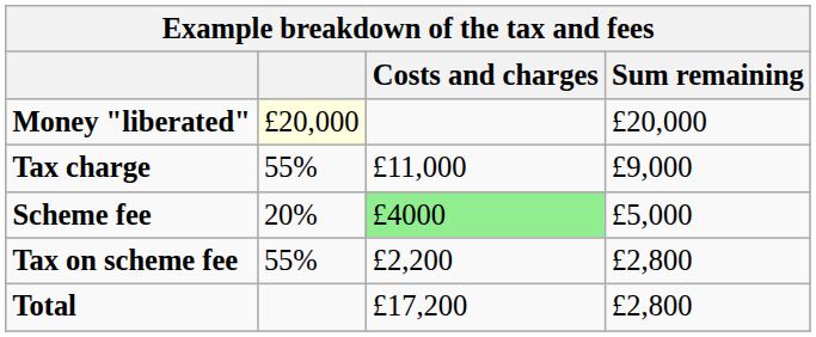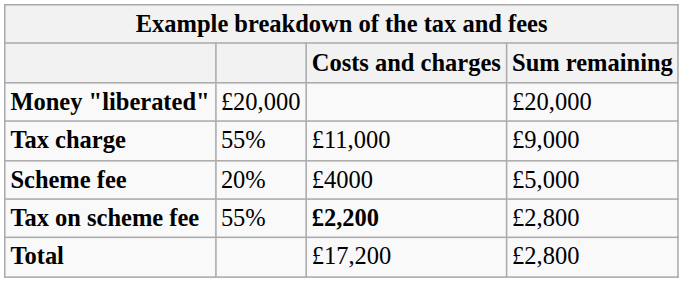 <table class="wikitable">
 <tr>
 <th colspan="9">Example breakdown of the tax and fees</th>
 </tr>
 <tr>
 <th scope="col"></th>
 <th scope="col"></th>
 <th scope="col">Costs and charges</th>
 <th colspan="4">Sum remaining</th>
 </tr>
 <tr>
 <td><strong>Money "liberated"</strong></td>
-<td style="background: lightyellow;">£20,000</td>
+<td>£20,000</td>
 <td></td>
 <td colspan="4">£20,000</td>
 </tr>
 <tr>
 <td><strong>Tax charge</strong></td>
 <td>55%</td>
 <td>£11,000</td>
 <td colspan="4">£9,000</td>
 </tr>
 <tr>
 <td><strong>Scheme fee</strong></td>
 <td>20%</td>
-<td style="background: lightgreen;">£4000</td>
+<td>£4000</td>
 <td colspan="4">£5,000</td>
 </tr>
 <tr>
 <td><strong>Tax on scheme fee</strong></td>
 <td>55%</td>
-<td>£2,200</td>
+<td><strong>£2,200</strong></td>
 <td colspan="4">£2,800</td>
 </tr>
 <tr>
 <td><strong>Total</strong></td>
 <td></td>
 <td>£17,200</td>
 <td>£2,800</td>
 </tr>
 </table>
